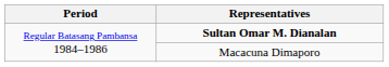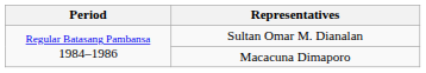 <table class="wikitable" style="text-align:center; width:40%;">
 <tr>
 <th width="40%">Period</th>
 <th>Representatives</th>
 </tr>
 <tr>
 <td rowspan="2"><small><a href='#'>Regular Batasang Pambansa</a></small><br>1984–1986</td>
-<td><strong>Sultan Omar M. Dianalan</strong></td>
+<td>Sultan Omar M. Dianalan</td>
 </tr>
 <tr>
 <td>Macacuna Dimaporo</td>
 </tr>
 </table>
